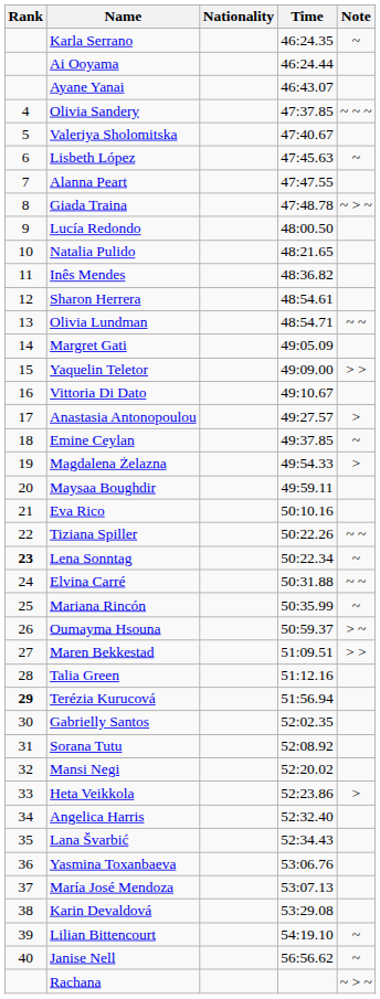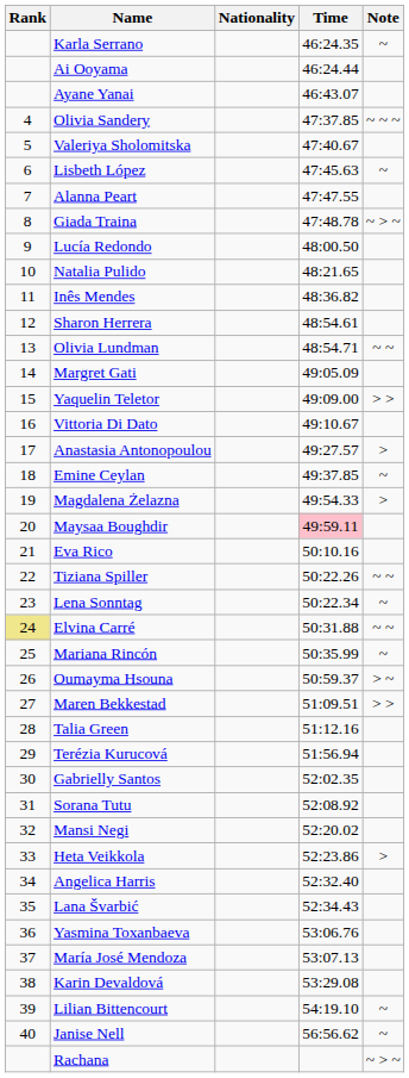 <table class="wikitable sortable" style="text-align:center">
 <tr>
 <th>Rank</th>
 <th>Name</th>
 <th>Nationality</th>
 <th>Time</th>
 <th>Note</th>
 </tr>
 <tr>
 <td></td>
 <td align=left><a href='#'>Karla Serrano</a></td>
 <td align=left></td>
 <td>46:24.35</td>
 <td> ~</td>
 </tr>
 <tr>
 <td></td>
 <td align=left><a href='#'>Ai Ooyama</a></td>
 <td align=left></td>
 <td>46:24.44</td>
 <td></td>
 </tr>
 <tr>
 <td></td>
 <td align=left><a href='#'>Ayane Yanai</a></td>
 <td align=left></td>
 <td>46:43.07</td>
 <td></td>
 </tr>
 <tr>
 <td>4</td>
 <td align=left><a href='#'>Olivia Sandery</a></td>
 <td align=left></td>
 <td>47:37.85 </td>
 <td>~ ~ ~</td>
 </tr>
 <tr>
 <td>5</td>
 <td align=left><a href='#'>Valeriya Sholomitska</a></td>
 <td align=left></td>
 <td>47:40.67</td>
 <td></td>
 </tr>
 <tr>
 <td>6</td>
 <td align=left><a href='#'>Lisbeth López</a></td>
 <td align=left></td>
 <td>47:45.63</td>
 <td> ~</td>
 </tr>
 <tr>
 <td>7</td>
 <td align=left><a href='#'>Alanna Peart</a></td>
 <td align=left></td>
 <td>47:47.55</td>
 <td></td>
 </tr>
 <tr>
 <td>8</td>
 <td align=left><a href='#'>Giada Traina</a></td>
 <td align=left></td>
 <td>47:48.78 </td>
 <td>~ > ~</td>
 </tr>
 <tr>
 <td>9</td>
 <td align=left><a href='#'>Lucía Redondo</a></td>
 <td align=left></td>
 <td>48:00.50</td>
 <td></td>
 </tr>
 <tr>
 <td>10</td>
 <td align=left><a href='#'>Natalia Pulido</a></td>
 <td align=left></td>
 <td>48:21.65</td>
 <td></td>
 </tr>
 <tr>
 <td>11</td>
 <td align=left><a href='#'>Inês Mendes</a></td>
 <td align=left></td>
 <td>48:36.82</td>
 <td></td>
 </tr>
 <tr>
 <td>12</td>
 <td align=left><a href='#'>Sharon Herrera</a></td>
 <td align=left></td>
 <td>48:54.61</td>
 <td></td>
 </tr>
 <tr>
 <td>13</td>
 <td align=left><a href='#'>Olivia Lundman</a></td>
 <td align=left></td>
 <td>48:54.71</td>
 <td>~ ~</td>
 </tr>
 <tr>
 <td>14</td>
 <td align=left><a href='#'>Margret Gati</a></td>
 <td align=left></td>
 <td>49:05.09</td>
 <td></td>
 </tr>
 <tr>
 <td>15</td>
 <td align=left><a href='#'>Yaquelin Teletor</a></td>
 <td align=left></td>
 <td>49:09.00</td>
 <td>> ></td>
 </tr>
 <tr>
 <td>16</td>
 <td align=left><a href='#'>Vittoria Di Dato</a></td>
 <td align=left></td>
 <td>49:10.67</td>
 <td></td>
 </tr>
 <tr>
 <td>17</td>
 <td align=left><a href='#'>Anastasia Antonopoulou</a></td>
 <td align=left></td>
 <td>49:27.57</td>
 <td>></td>
 </tr>
 <tr>
 <td>18</td>
 <td align=left><a href='#'>Emine Ceylan</a></td>
 <td align=left></td>
 <td>49:37.85</td>
 <td>~</td>
 </tr>
 <tr>
 <td>19</td>
 <td align=left><a href='#'>Magdalena Żelazna</a></td>
 <td align=left></td>
 <td>49:54.33</td>
 <td>></td>
 </tr>
 <tr>
 <td>20</td>
 <td align=left><a href='#'>Maysaa Boughdir</a></td>
 <td align=left></td>
-<td>49:59.11</td>
+<td style="background: pink;">49:59.11</td>
 <td></td>
 </tr>
 <tr>
 <td>21</td>
 <td align=left><a href='#'>Eva Rico</a></td>
 <td align=left></td>
 <td>50:10.16</td>
 <td></td>
 </tr>
 <tr>
 <td>22</td>
 <td align=left><a href='#'>Tiziana Spiller</a></td>
 <td align=left></td>
 <td>50:22.26</td>
 <td>~ ~</td>
 </tr>
 <tr>
-<td><strong>23</strong></td>
+<td>23</td>
 <td align=left><a href='#'>Lena Sonntag</a></td>
 <td align=left></td>
 <td>50:22.34</td>
 <td>~</td>
 </tr>
 <tr>
-<td>24</td>
+<td style="background: khaki;">24</td>
 <td align=left><a href='#'>Elvina Carré</a></td>
 <td align=left></td>
 <td>50:31.88</td>
 <td>~ ~</td>
 </tr>
 <tr>
 <td>25</td>
 <td align=left><a href='#'>Mariana Rincón</a></td>
 <td align=left></td>
 <td>50:35.99</td>
 <td>~</td>
 </tr>
 <tr>
 <td>26</td>
 <td align=left><a href='#'>Oumayma Hsouna</a></td>
 <td align=left></td>
 <td>50:59.37</td>
 <td>> ~</td>
 </tr>
 <tr>
 <td>27</td>
 <td align=left><a href='#'>Maren Bekkestad</a></td>
 <td align=left></td>
 <td>51:09.51</td>
 <td>> ></td>
 </tr>
 <tr>
 <td>28</td>
 <td align=left><a href='#'>Talia Green</a></td>
 <td align=left></td>
 <td>51:12.16</td>
 <td></td>
 </tr>
 <tr>
-<td><strong>29</strong></td>
+<td>29</td>
 <td align=left><a href='#'>Terézia Kurucová</a></td>
 <td align=left></td>
 <td>51:56.94</td>
 <td></td>
 </tr>
 <tr>
 <td>30</td>
 <td align=left><a href='#'>Gabrielly Santos</a></td>
 <td align=left></td>
 <td>52:02.35</td>
 <td></td>
 </tr>
 <tr>
 <td>31</td>
 <td align=left><a href='#'>Sorana Tutu</a></td>
 <td align=left></td>
 <td>52:08.92</td>
 <td></td>
 </tr>
 <tr>
 <td>32</td>
 <td align=left><a href='#'>Mansi Negi</a></td>
 <td align=left></td>
 <td>52:20.02</td>
 <td></td>
 </tr>
 <tr>
 <td>33</td>
 <td align=left><a href='#'>Heta Veikkola</a></td>
 <td align=left></td>
 <td>52:23.86</td>
 <td>></td>
 </tr>
 <tr>
 <td>34</td>
 <td align=left><a href='#'>Angelica Harris</a></td>
 <td align=left></td>
 <td>52:32.40</td>
 <td></td>
 </tr>
 <tr>
 <td>35</td>
 <td align=left><a href='#'>Lana Švarbić</a></td>
 <td align=left></td>
 <td>52:34.43</td>
 <td></td>
 </tr>
 <tr>
 <td>36</td>
 <td align=left><a href='#'>Yasmina Toxanbaeva</a></td>
 <td align=left></td>
 <td>53:06.76</td>
 <td></td>
 </tr>
 <tr>
 <td>37</td>
 <td align=left><a href='#'>María José Mendoza</a></td>
 <td align=left></td>
 <td>53:07.13</td>
 <td></td>
 </tr>
 <tr>
 <td>38</td>
 <td align=left><a href='#'>Karin Devaldová</a></td>
 <td align=left></td>
 <td>53:29.08</td>
 <td></td>
 </tr>
 <tr>
 <td>39</td>
 <td align=left><a href='#'>Lilian Bittencourt</a></td>
 <td align=left></td>
 <td>54:19.10</td>
 <td>~</td>
 </tr>
 <tr>
 <td>40</td>
 <td align=left><a href='#'>Janise Nell</a></td>
 <td align=left></td>
 <td>56:56.62</td>
 <td>~</td>
 </tr>
 <tr>
 <td></td>
 <td align=left><a href='#'>Rachana</a></td>
 <td align=left></td>
 <td> </td>
 <td>~ > ~</td>
 </tr>
 </table>
